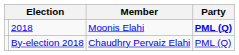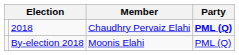 <table class="wikitable">
 <tr>
 <th colspan="2">Election</th>
 <th>Member</th>
 <th>Party</th>
 </tr>
 <tr>
 <td style="background-color: "></td>
 <td><a href='#'>2018</a></td>
-<td><a href='#'>Moonis Elahi</a></td>
+<td><a href='#'>Chaudhry Pervaiz Elahi</a></td>
 <td><strong><a href='#'>PML (Q)</a></strong></td>
 </tr>
 <tr>
 <td style="background-color: "></td>
 <td><a href='#'>By-election 2018</a></td>
-<td><a href='#'>Chaudhry Pervaiz Elahi</a></td>
+<td><a href='#'>Moonis Elahi</a></td>
 <td><a href='#'>PML (Q)</a></td>
 </tr>
 </table>
